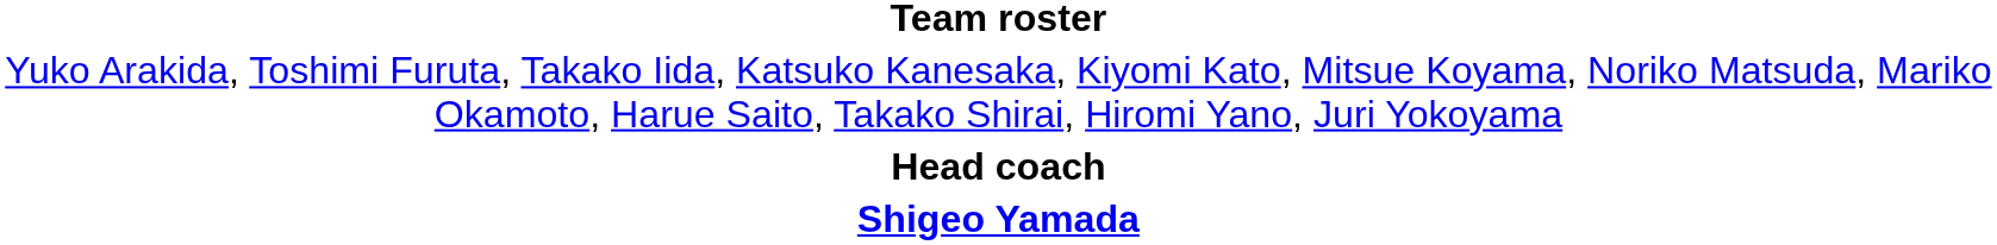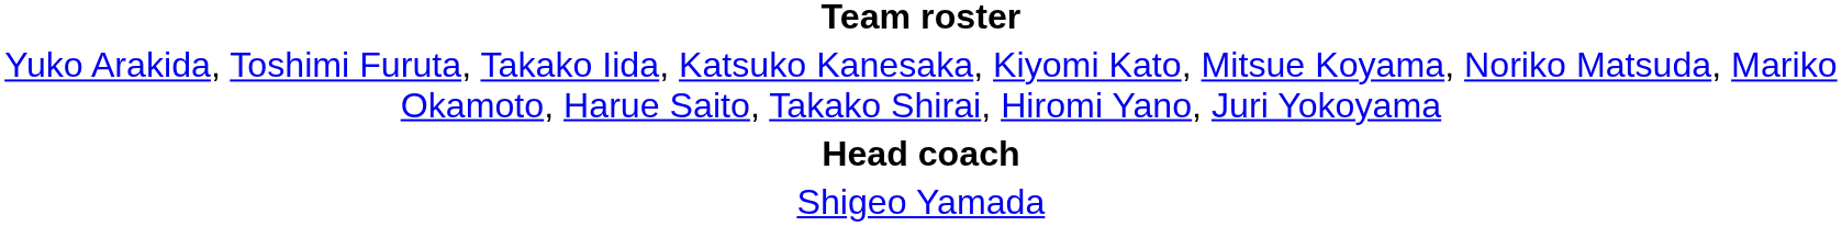 <table style="text-align: center; margin-top: 2em; margin-left: auto; margin-right: auto">
 <tr>
 <td><strong>Team roster</strong></td>
 </tr>
 <tr>
 <td><a href='#'>Yuko Arakida</a>, <a href='#'>Toshimi Furuta</a>, <a href='#'>Takako Iida</a>, <a href='#'>Katsuko Kanesaka</a>, <a href='#'>Kiyomi Kato</a>, <a href='#'>Mitsue Koyama</a>, <a href='#'>Noriko Matsuda</a>, <a href='#'>Mariko Okamoto</a>, <a href='#'>Harue Saito</a>, <a href='#'>Takako Shirai</a>, <a href='#'>Hiromi Yano</a>, <a href='#'>Juri Yokoyama</a></td>
 </tr>
 <tr>
 <td><strong>Head coach</strong></td>
 </tr>
 <tr>
-<td><strong><a href='#'>Shigeo Yamada</a></strong></td>
+<td><a href='#'>Shigeo Yamada</a></td>
 </tr>
 <tr>
 </tr>
 </table>
